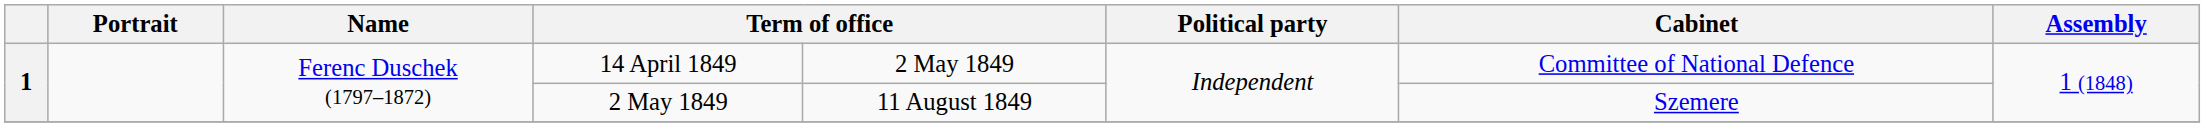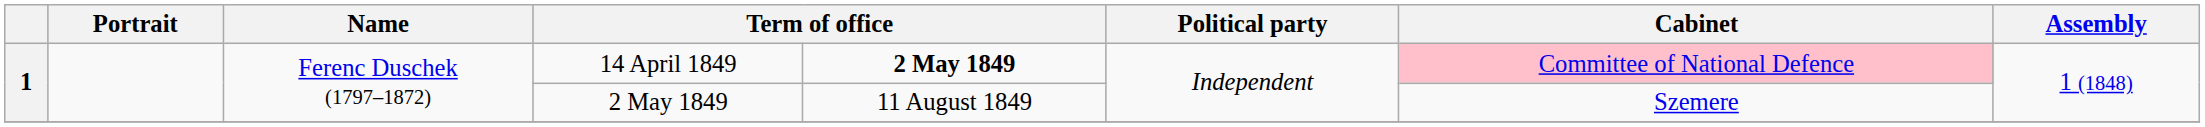 <table class="wikitable" style="width:90%; text-align:center;">
 <tr>
 <th></th>
 <th>Portrait</th>
 <th>Name<br></th>
 <th colspan=2>Term of office</th>
 <th>Political party</th>
 <th>Cabinet</th>
 <th><a href='#'>Assembly</a><br></th>
 </tr>
 <tr>
 <th rowspan="2" style="background:">1</th>
 <td rowspan="2"></td>
 <td rowspan="2"><a href='#'>Ferenc Duschek</a><br><small>(1797–1872)</small></td>
 <td>14 April 1849</td>
-<td>2 May 1849</td>
+<td><strong>2 May 1849</strong></td>
 <td rowspan="2"><em>Independent</em></td>
-<td><a href='#'>Committee of National Defence</a></td>
+<td style="background: pink;"><a href='#'>Committee of National Defence</a></td>
 <td rowspan="2"><a href='#'>1 <small>(1848)</small></a></td>
 </tr>
 <tr>
 <td>2 May 1849</td>
 <td>11 August 1849</td>
 <td><a href='#'>Szemere</a></td>
 </tr>
 <tr>
 </tr>
 </table>
